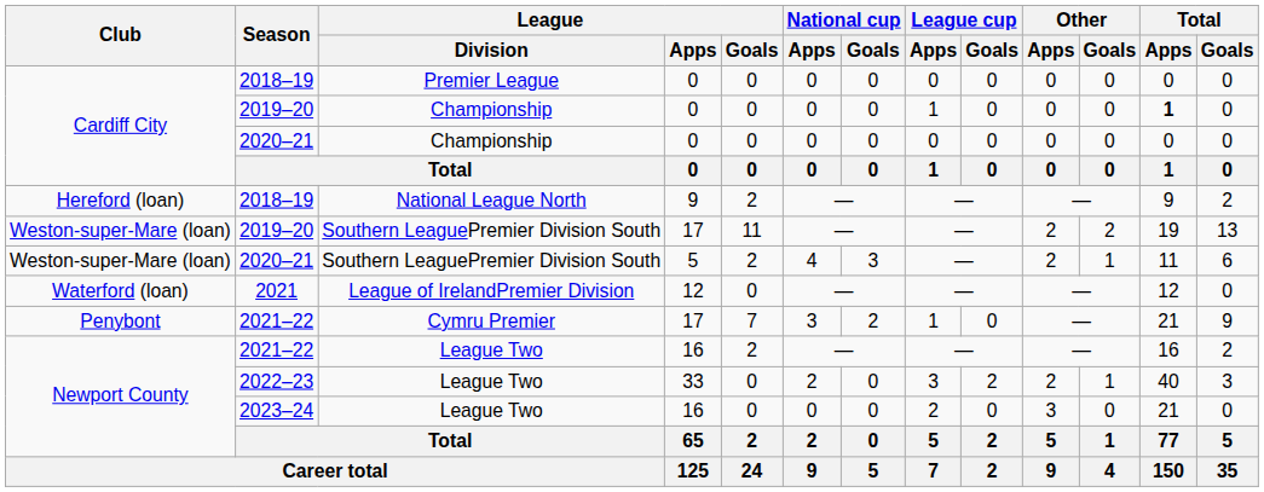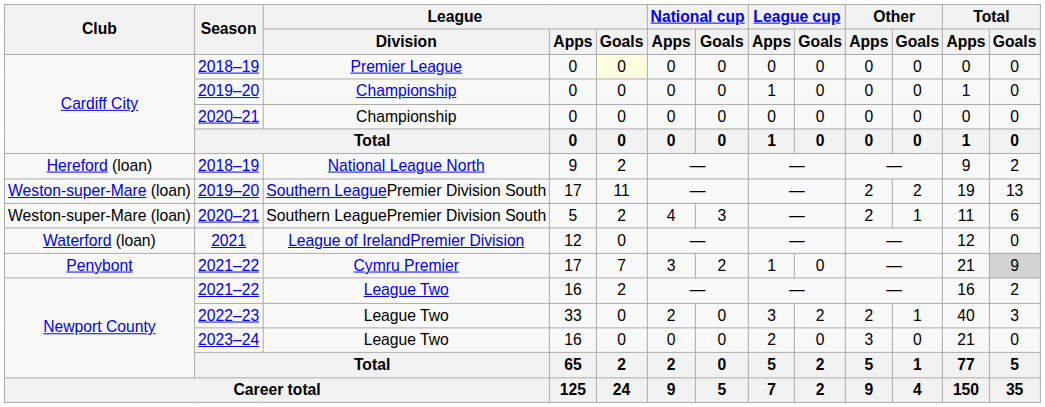 <table class="wikitable" style="text-align: center">
 <tr>
 <th rowspan="2">Club</th>
 <th rowspan="2">Season</th>
 <th colspan="3">League</th>
 <th colspan="2"><a href='#'>National cup</a></th>
 <th colspan="2"><a href='#'>League cup</a></th>
 <th colspan="2">Other</th>
 <th colspan="2">Total</th>
 </tr>
 <tr>
 <th>Division</th>
 <th>Apps</th>
 <th>Goals</th>
 <th>Apps</th>
 <th>Goals</th>
 <th>Apps</th>
 <th>Goals</th>
 <th>Apps</th>
 <th>Goals</th>
 <th>Apps</th>
 <th>Goals</th>
 </tr>
 <tr>
 <td rowspan="4"><a href='#'>Cardiff City</a></td>
 <td><a href='#'>2018–19</a></td>
 <td><a href='#'>Premier League</a></td>
 <td>0</td>
-<td>0</td>
+<td style="background: lightyellow;">0</td>
 <td>0</td>
 <td>0</td>
 <td>0</td>
 <td>0</td>
 <td>0</td>
 <td>0</td>
 <td>0</td>
 <td>0</td>
 </tr>
 <tr>
 <td><a href='#'>2019–20</a></td>
 <td><a href='#'>Championship</a></td>
 <td>0</td>
 <td>0</td>
 <td>0</td>
 <td>0</td>
 <td>1</td>
 <td>0</td>
 <td>0</td>
 <td>0</td>
-<td><strong>1</strong></td>
+<td>1</td>
 <td>0</td>
 </tr>
 <tr>
 <td><a href='#'>2020–21</a></td>
 <td>Championship</td>
 <td>0</td>
 <td>0</td>
 <td>0</td>
 <td>0</td>
 <td>0</td>
 <td>0</td>
 <td>0</td>
 <td>0</td>
 <td>0</td>
 <td>0</td>
 </tr>
 <tr>
 <th colspan="2">Total</th>
 <th>0</th>
 <th>0</th>
 <th>0</th>
 <th>0</th>
 <th>1</th>
 <th>0</th>
 <th>0</th>
 <th>0</th>
 <th>1</th>
 <th>0</th>
 </tr>
 <tr>
 <td><a href='#'>Hereford</a> (loan)</td>
 <td><a href='#'>2018–19</a></td>
 <td><a href='#'>National League North</a></td>
 <td>9</td>
 <td>2</td>
 <td colspan="2">—</td>
 <td colspan="2">—</td>
 <td colspan="2">—</td>
 <td>9</td>
 <td>2</td>
 </tr>
 <tr>
 <td><a href='#'>Weston-super-Mare</a> (loan)</td>
 <td><a href='#'>2019–20</a></td>
 <td><a href='#'>Southern League</a>Premier Division South</td>
 <td>17</td>
 <td>11</td>
 <td colspan="2">—</td>
 <td colspan="2">—</td>
 <td>2</td>
 <td>2</td>
 <td>19</td>
 <td>13</td>
 </tr>
 <tr>
 <td>Weston-super-Mare (loan)</td>
 <td><a href='#'>2020–21</a></td>
 <td>Southern LeaguePremier Division South</td>
 <td>5</td>
 <td>2</td>
 <td>4</td>
 <td>3</td>
 <td colspan="2">—</td>
 <td>2</td>
 <td>1</td>
 <td>11</td>
 <td>6</td>
 </tr>
 <tr>
 <td><a href='#'>Waterford</a> (loan)</td>
 <td><a href='#'>2021</a></td>
 <td><a href='#'>League of IrelandPremier Division</a></td>
 <td>12</td>
 <td>0</td>
 <td colspan="2">—</td>
 <td colspan="2">—</td>
 <td colspan="2">—</td>
 <td>12</td>
 <td>0</td>
 </tr>
 <tr>
 <td><a href='#'>Penybont</a></td>
 <td><a href='#'>2021–22</a></td>
 <td><a href='#'>Cymru Premier</a></td>
 <td>17</td>
 <td>7</td>
 <td>3</td>
 <td>2</td>
 <td>1</td>
 <td>0</td>
 <td colspan="2">—</td>
 <td>21</td>
-<td>9</td>
+<td style="background: lightgrey;">9</td>
 </tr>
 <tr>
 <td rowspan="4"><a href='#'>Newport County</a></td>
 <td><a href='#'>2021–22</a></td>
 <td><a href='#'>League Two</a></td>
 <td>16</td>
 <td>2</td>
 <td colspan="2">—</td>
 <td colspan="2">—</td>
 <td colspan="2">—</td>
 <td>16</td>
 <td>2</td>
 </tr>
 <tr>
 <td><a href='#'>2022–23</a></td>
 <td>League Two</td>
 <td>33</td>
 <td>0</td>
 <td>2</td>
 <td>0</td>
 <td>3</td>
 <td>2</td>
 <td>2</td>
 <td>1</td>
 <td>40</td>
 <td>3</td>
 </tr>
 <tr>
 <td><a href='#'>2023–24</a></td>
 <td>League Two</td>
 <td>16</td>
 <td>0</td>
 <td>0</td>
 <td>0</td>
 <td>2</td>
 <td>0</td>
 <td>3</td>
 <td>0</td>
 <td>21</td>
 <td>0</td>
 </tr>
 <tr>
 <th colspan="2">Total</th>
 <th>65</th>
 <th>2</th>
 <th>2</th>
 <th>0</th>
 <th>5</th>
 <th>2</th>
 <th>5</th>
 <th>1</th>
 <th>77</th>
 <th>5</th>
 </tr>
 <tr>
 <th colspan="3">Career total</th>
 <th>125</th>
 <th>24</th>
 <th>9</th>
 <th>5</th>
 <th>7</th>
 <th>2</th>
 <th>9</th>
 <th>4</th>
 <th>150</th>
 <th>35</th>
 </tr>
 </table>
